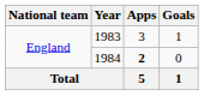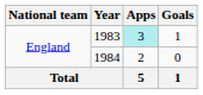 <table class="wikitable" style="text-align:center">
 <tr>
 <th>National team</th>
 <th>Year</th>
 <th>Apps</th>
 <th>Goals</th>
 </tr>
 <tr>
 <td rowspan="2"><a href='#'>England</a></td>
 <td>1983</td>
-<td>3</td>
+<td style="background: paleturquoise;">3</td>
 <td>1</td>
 </tr>
 <tr>
 <td>1984</td>
-<td><strong>2</strong></td>
+<td>2</td>
 <td>0</td>
 </tr>
 <tr>
 <th colspan="2">Total</th>
 <th>5</th>
 <th>1</th>
 </tr>
 </table>
